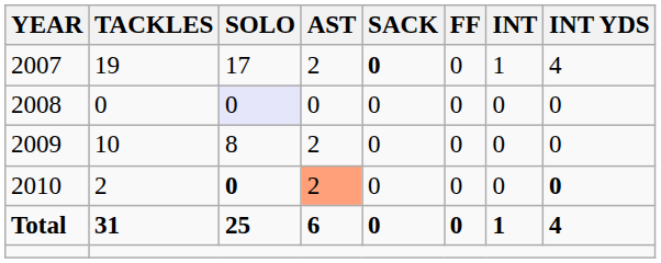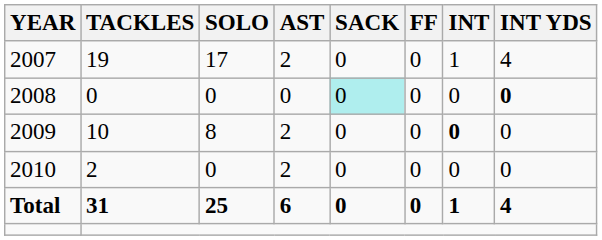 <table class="wikitable">
 <tr>
 <th>YEAR</th>
 <th>TACKLES</th>
 <th>SOLO</th>
 <th>AST</th>
 <th>SACK</th>
 <th>FF</th>
 <th>INT</th>
 <th>INT YDS</th>
 </tr>
 <tr>
 <td>2007</td>
 <td>19</td>
 <td>17</td>
 <td>2</td>
-<td><strong>0</strong></td>
+<td>0</td>
 <td>0</td>
 <td>1</td>
 <td>4</td>
 </tr>
 <tr>
 <td>2008</td>
 <td>0</td>
-<td style="background: lavender;">0</td>
 <td>0</td>
 <td>0</td>
+<td style="background: paleturquoise;">0</td>
 <td>0</td>
 <td>0</td>
-<td>0</td>
+<td><strong>0</strong></td>
 </tr>
 <tr>
 <td>2009</td>
 <td>10</td>
 <td>8</td>
 <td>2</td>
 <td>0</td>
 <td>0</td>
-<td>0</td>
+<td><strong>0</strong></td>
 <td>0</td>
 </tr>
 <tr>
 <td>2010</td>
 <td>2</td>
-<td><strong>0</strong></td>
-<td style="background: lightsalmon;">2</td>
+<td>0</td>
+<td>2</td>
 <td>0</td>
 <td>0</td>
 <td>0</td>
-<td><strong>0</strong></td>
+<td>0</td>
 </tr>
 <tr>
 <td><strong>Total</strong></td>
 <td><strong>31</strong></td>
 <td><strong>25</strong></td>
 <td><strong>6</strong></td>
 <td><strong>0</strong></td>
 <td><strong>0</strong></td>
 <td><strong>1</strong></td>
 <td><strong>4</strong></td>
 </tr>
 <tr>
 <td></td>
 </tr>
 </table>
